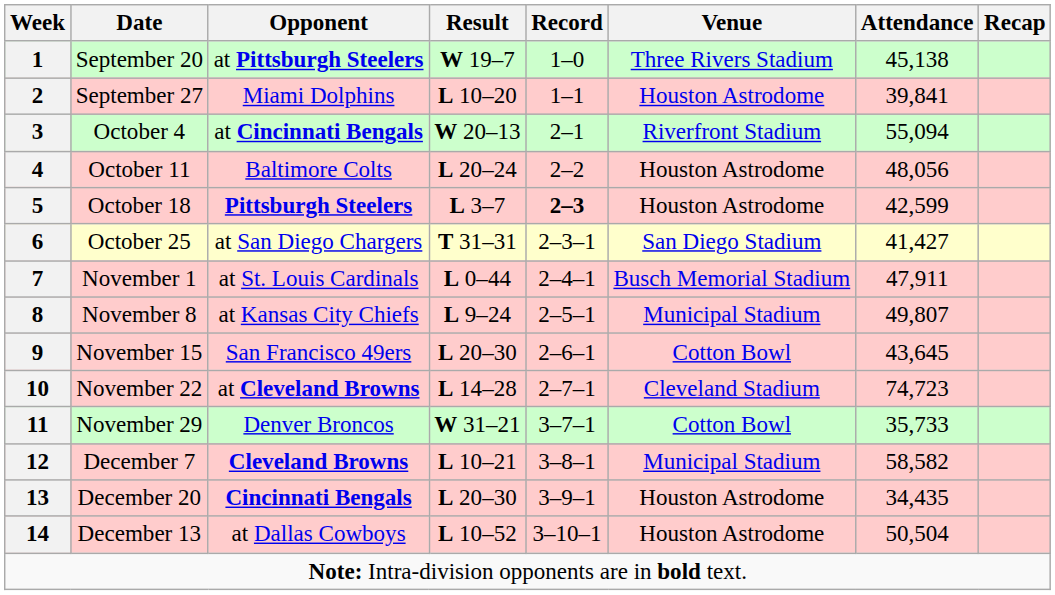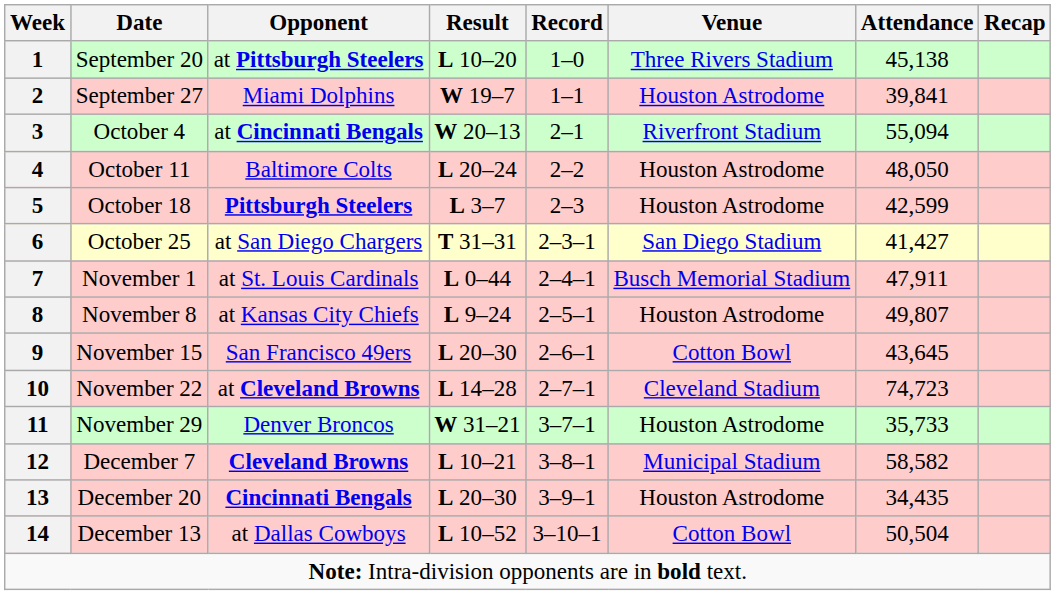 <table class="wikitable" style="text-align:center">
 <tr>
 <th>Week</th>
 <th>Date</th>
 <th>Opponent</th>
 <th>Result</th>
 <th>Record</th>
 <th>Venue</th>
 <th>Attendance</th>
 <th>Recap</th>
 </tr>
 <tr style="background:#cfc">
 <th>1</th>
 <td>September 20</td>
 <td>at <strong><a href='#'>Pittsburgh Steelers</a></strong></td>
-<td><strong>W</strong> 19–7</td>
+<td><strong>L</strong> 10–20</td>
 <td>1–0</td>
 <td><a href='#'>Three Rivers Stadium</a></td>
 <td>45,138</td>
 <td></td>
 </tr>
 <tr style="background:#fcc">
 <th>2</th>
 <td>September 27</td>
 <td><a href='#'>Miami Dolphins</a></td>
-<td><strong>L</strong> 10–20</td>
+<td><strong>W</strong> 19–7</td>
 <td>1–1</td>
 <td><a href='#'>Houston Astrodome</a></td>
 <td>39,841</td>
 <td></td>
 </tr>
 <tr style="background:#cfc">
 <th>3</th>
 <td>October 4</td>
 <td>at <strong><a href='#'>Cincinnati Bengals</a></strong></td>
 <td><strong>W</strong> 20–13</td>
 <td>2–1</td>
 <td><a href='#'>Riverfront Stadium</a></td>
 <td>55,094</td>
 <td></td>
 </tr>
 <tr style="background:#fcc">
 <th>4</th>
 <td>October 11</td>
 <td><a href='#'>Baltimore Colts</a></td>
 <td><strong>L</strong> 20–24</td>
 <td>2–2</td>
 <td>Houston Astrodome</td>
-<td>48,056</td>
+<td>48,050</td>
 <td></td>
 </tr>
 <tr style="background:#fcc">
 <th>5</th>
 <td>October 18</td>
 <td><strong><a href='#'>Pittsburgh Steelers</a></strong></td>
 <td><strong>L</strong> 3–7</td>
-<td><strong>2–3</strong></td>
+<td>2–3</td>
 <td>Houston Astrodome</td>
 <td>42,599</td>
 <td></td>
 </tr>
 <tr style="background:#ffc">
 <th>6</th>
 <td>October 25</td>
 <td>at <a href='#'>San Diego Chargers</a></td>
 <td><strong>T</strong> 31–31</td>
 <td>2–3–1</td>
 <td><a href='#'>San Diego Stadium</a></td>
 <td>41,427</td>
 <td></td>
 </tr>
 <tr style="background:#fcc">
 <th>7</th>
 <td>November 1</td>
 <td>at <a href='#'>St. Louis Cardinals</a></td>
 <td><strong>L</strong> 0–44</td>
 <td>2–4–1</td>
 <td><a href='#'>Busch Memorial Stadium</a></td>
 <td>47,911</td>
 <td></td>
 </tr>
 <tr style="background:#fcc">
 <th>8</th>
 <td>November 8</td>
 <td>at <a href='#'>Kansas City Chiefs</a></td>
 <td><strong>L</strong> 9–24</td>
 <td>2–5–1</td>
-<td><a href='#'>Municipal Stadium</a></td>
+<td>Houston Astrodome</td>
 <td>49,807</td>
 <td></td>
 </tr>
 <tr style="background:#fcc">
 <th>9</th>
 <td>November 15</td>
 <td><a href='#'>San Francisco 49ers</a></td>
 <td><strong>L</strong> 20–30</td>
 <td>2–6–1</td>
 <td><a href='#'>Cotton Bowl</a></td>
 <td>43,645</td>
 <td></td>
 </tr>
 <tr style="background:#fcc">
 <th>10</th>
 <td>November 22</td>
 <td>at <strong><a href='#'>Cleveland Browns</a></strong></td>
 <td><strong>L</strong> 14–28</td>
 <td>2–7–1</td>
 <td><a href='#'>Cleveland Stadium</a></td>
 <td>74,723</td>
 <td></td>
 </tr>
 <tr style="background:#cfc">
 <th>11</th>
 <td>November 29</td>
 <td><a href='#'>Denver Broncos</a></td>
 <td><strong>W</strong> 31–21</td>
 <td>3–7–1</td>
-<td><a href='#'>Cotton Bowl</a></td>
+<td>Houston Astrodome</td>
 <td>35,733</td>
 <td></td>
 </tr>
 <tr style="background:#fcc">
 <th>12</th>
 <td>December 7</td>
 <td><strong><a href='#'>Cleveland Browns</a></strong></td>
 <td><strong>L</strong> 10–21</td>
 <td>3–8–1</td>
 <td><a href='#'>Municipal Stadium</a></td>
 <td>58,582</td>
 <td></td>
 </tr>
 <tr style="background:#fcc">
 <th>13</th>
 <td>December 20</td>
 <td><strong><a href='#'>Cincinnati Bengals</a></strong></td>
 <td><strong>L</strong> 20–30</td>
 <td>3–9–1</td>
 <td>Houston Astrodome</td>
 <td>34,435</td>
 <td></td>
 </tr>
 <tr style="background:#fcc">
 <th>14</th>
 <td>December 13</td>
 <td>at <a href='#'>Dallas Cowboys</a></td>
 <td><strong>L</strong> 10–52</td>
 <td>3–10–1</td>
-<td>Houston Astrodome</td>
+<td><a href='#'>Cotton Bowl</a></td>
 <td>50,504</td>
 <td></td>
 </tr>
 <tr>
 <td colspan="8"><strong>Note:</strong> Intra-division opponents are in <strong>bold</strong> text.</td>
 </tr>
 </table>
